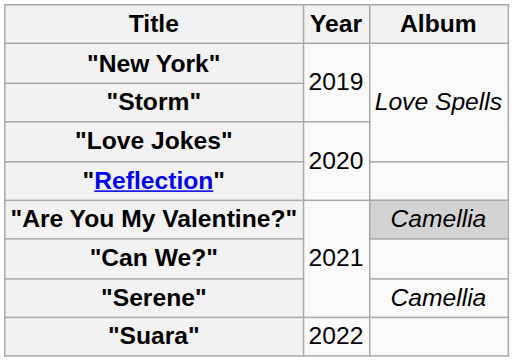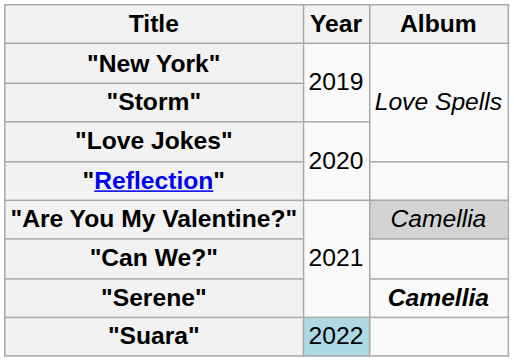 <table class="wikitable plainrowheaders" style="text-align:center">
 <tr>
 <th scope="col">Title</th>
 <th>Year</th>
 <th scope="col">Album</th>
 </tr>
 <tr>
 <th scope="row">"New York"</th>
 <td rowspan="2">2019</td>
 <td rowspan="3"><em>Love Spells</em></td>
 </tr>
 <tr>
 <th scope="row">"Storm"</th>
 </tr>
 <tr>
 <th scope="row">"Love Jokes"</th>
 <td rowspan="2">2020</td>
 </tr>
 <tr>
 <th scope="row">"<a href='#'>Reflection</a>"<br></th>
 <td></td>
 </tr>
 <tr>
 <th scope="row">"Are You My Valentine?"</th>
 <td rowspan="3">2021</td>
 <td style="background: lightgrey;"><em>Camellia</em></td>
 </tr>
 <tr>
 <th scope="row">"Can We?"<br></th>
 <td></td>
 </tr>
 <tr>
 <th scope="row">"Serene"</th>
-<td><em>Camellia</em></td>
+<td><strong><em>Camellia</em></strong></td>
 </tr>
 <tr>
 <th scope="row">"Suara"</th>
-<td>2022</td>
+<td style="background: lightblue;">2022</td>
 <td></td>
 </tr>
 </table>
